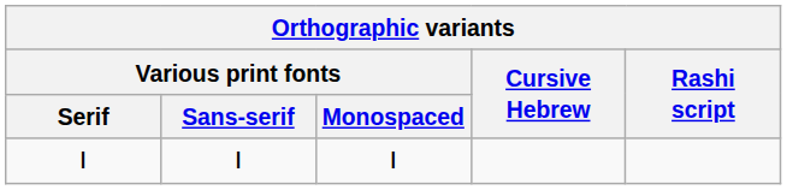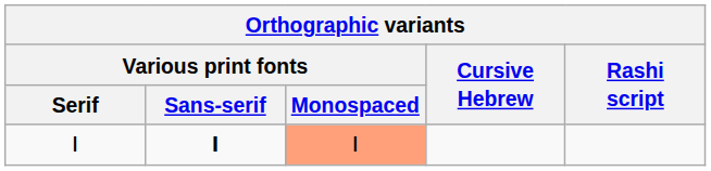 <table class=wikitable style="text-align:center;">
 <tr>
 <th colspan=5><small><a href='#'>Orthographic</a> variants</small></th>
 </tr>
 <tr>
 <th colspan=3><small>Various print fonts</small></th>
 <th rowspan=2><small><a href='#'>Cursive<br>Hebrew</a></small></th>
 <th rowspan=2><small><a href='#'>Rashi<br>script</a></small></th>
 </tr>
 <tr>
 <th><small>Serif</small></th>
 <th><small><a href='#'>Sans-serif</a></small></th>
 <th><small><a href='#'>Monospaced</a></small></th>
 </tr>
 <tr>
 <td width=20%><span>ו</span></td>
-<td width=20%><span>ו</span></td>
-<td width=20%><span>ו</span></td>
+<td width=20%><strong><span>ו</span></strong></td>
+<td width=20% style="background: lightsalmon;"><span>ו</span></td>
 <td width=20%></td>
 <td width=20%></td>
 </tr>
 </table>
